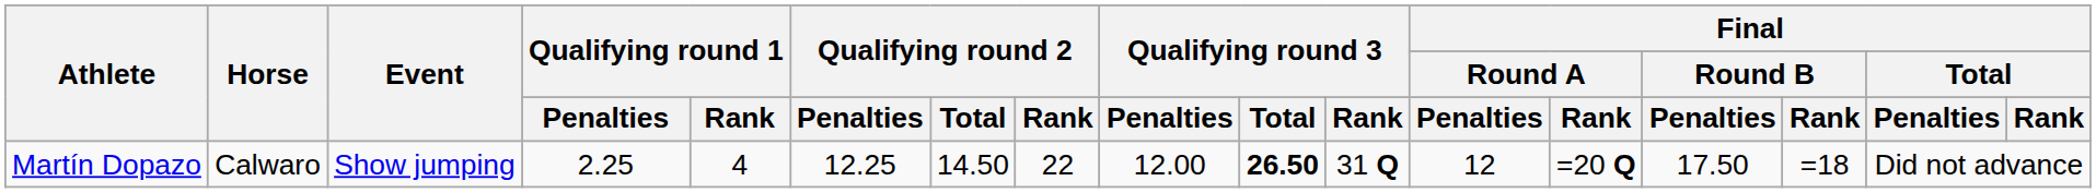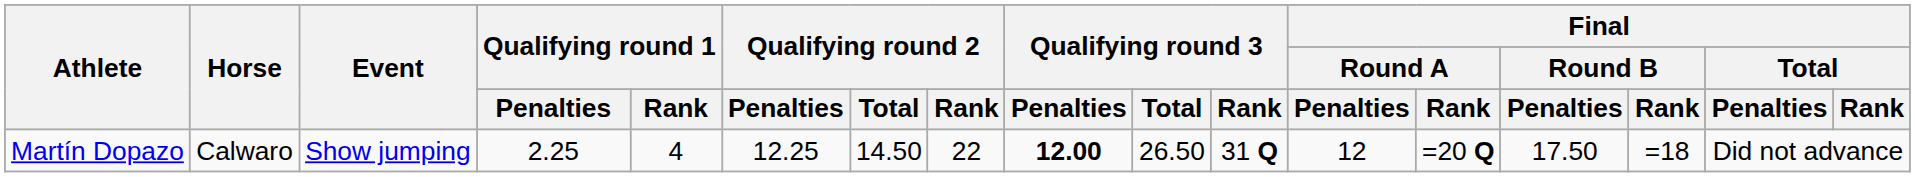 <table class=wikitable style="font-size:90%">
 <tr>
 <th rowspan="3">Athlete</th>
 <th rowspan="3">Horse</th>
 <th rowspan="3">Event</th>
 <th colspan="2" rowspan="2">Qualifying round 1</th>
 <th colspan="3" rowspan="2">Qualifying round 2</th>
 <th colspan="3" rowspan="2">Qualifying round 3</th>
 <th colspan="6">Final</th>
 </tr>
 <tr>
 <th colspan="2">Round A</th>
 <th colspan="2">Round B</th>
 <th colspan="2">Total</th>
 </tr>
 <tr>
 <th>Penalties</th>
 <th>Rank</th>
 <th>Penalties</th>
 <th>Total</th>
 <th>Rank</th>
 <th>Penalties</th>
 <th>Total</th>
 <th>Rank</th>
 <th>Penalties</th>
 <th>Rank</th>
 <th>Penalties</th>
 <th>Rank</th>
 <th>Penalties</th>
 <th>Rank</th>
 </tr>
 <tr>
 <td><a href='#'>Martín Dopazo</a></td>
 <td>Calwaro</td>
 <td><a href='#'>Show jumping</a></td>
 <td style="text-align:center;">2.25</td>
 <td style="text-align:center;">4</td>
 <td style="text-align:center;">12.25</td>
 <td style="text-align:center;">14.50</td>
 <td style="text-align:center;">22</td>
-<td style="text-align:center;">12.00</td>
-<td style="text-align:center;"><strong>26.50</strong></td>
+<td style="text-align:center;"><strong>12.00</strong></td>
+<td style="text-align:center;">26.50</td>
 <td style="text-align:center;">31 <strong>Q</strong></td>
 <td style="text-align:center;">12</td>
 <td style="text-align:center;">=20 <strong>Q</strong></td>
 <td style="text-align:center;">17.50</td>
 <td style="text-align:center;">=18</td>
 <td style="text-align:center;" colspan="2">Did not advance</td>
 </tr>
 </table>
